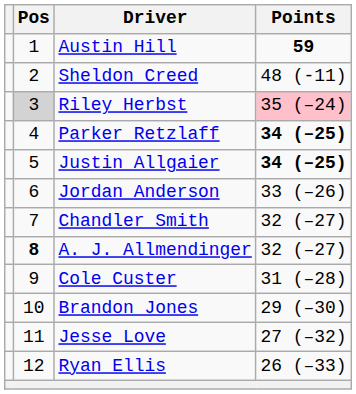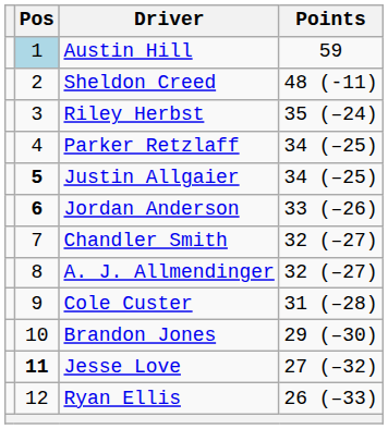 <table class="wikitable" style="font-size: 95%;">
 <tr>
 <th></th>
 <th>Pos</th>
 <th>Driver</th>
 <th>Points</th>
 </tr>
 <tr>
 <td align="left"></td>
-<td style="text-align:center;">1</td>
+<td style="background: lightblue; text-align:center;">1</td>
 <td><a href='#'>Austin Hill</a></td>
-<td style="text-align:center;"><strong>59</strong></td>
+<td style="text-align:center;">59</td>
 </tr>
 <tr>
 <td align="left"></td>
 <td style="text-align:center;">2</td>
 <td><a href='#'>Sheldon Creed</a></td>
 <td style="text-align:center;">48 (-11)</td>
 </tr>
 <tr>
 <td align="left"></td>
-<td style="background: lightgrey; text-align:center;">3</td>
+<td style="text-align:center;">3</td>
 <td><a href='#'>Riley Herbst</a></td>
-<td style="background: pink; text-align:center;">35 (–24)</td>
+<td style="text-align:center;">35 (–24)</td>
 </tr>
 <tr>
 <td align="left"></td>
 <td style="text-align:center;">4</td>
 <td><a href='#'>Parker Retzlaff</a></td>
-<td style="text-align:center;"><strong>34 (–25)</strong></td>
+<td style="text-align:center;">34 (–25)</td>
 </tr>
 <tr>
 <td align="left"></td>
-<td style="text-align:center;">5</td>
+<td style="text-align:center;"><strong>5</strong></td>
 <td><a href='#'>Justin Allgaier</a></td>
-<td style="text-align:center;"><strong>34 (–25)</strong></td>
+<td style="text-align:center;">34 (–25)</td>
 </tr>
 <tr>
 <td align="left"></td>
-<td style="text-align:center;">6</td>
+<td style="text-align:center;"><strong>6</strong></td>
 <td><a href='#'>Jordan Anderson</a></td>
 <td style="text-align:center;">33 (–26)</td>
 </tr>
 <tr>
 <td align="left"></td>
 <td style="text-align:center;">7</td>
 <td><a href='#'>Chandler Smith</a></td>
 <td style="text-align:center;">32 (–27)</td>
 </tr>
 <tr>
 <td align="left"></td>
-<td style="text-align:center;"><strong>8</strong></td>
+<td style="text-align:center;">8</td>
 <td><a href='#'>A. J. Allmendinger</a></td>
 <td style="text-align:center;">32 (–27)</td>
 </tr>
 <tr>
 <td align="left"></td>
 <td style="text-align:center;">9</td>
 <td><a href='#'>Cole Custer</a></td>
 <td style="text-align:center;">31 (–28)</td>
 </tr>
 <tr>
 <td align="left"></td>
 <td style="text-align:center;">10</td>
 <td><a href='#'>Brandon Jones</a></td>
 <td style="text-align:center;">29 (–30)</td>
 </tr>
 <tr>
 <td align="left"></td>
-<td style="text-align:center;">11</td>
+<td style="text-align:center;"><strong>11</strong></td>
 <td><a href='#'>Jesse Love</a></td>
 <td style="text-align:center;">27 (–32)</td>
 </tr>
 <tr>
 <td align="left"></td>
 <td style="text-align:center;">12</td>
 <td><a href='#'>Ryan Ellis</a></td>
 <td style="text-align:center;">26 (–33)</td>
 </tr>
 <tr class="sortbottom">
 <th colspan="9"></th>
 </tr>
 </table>
